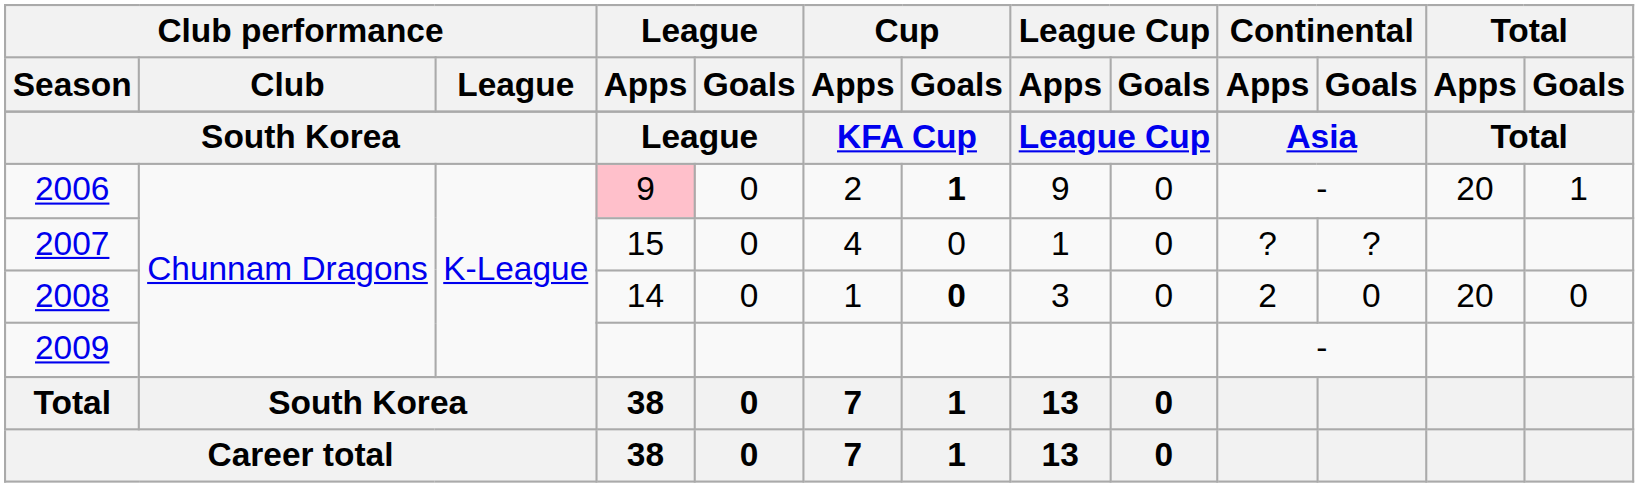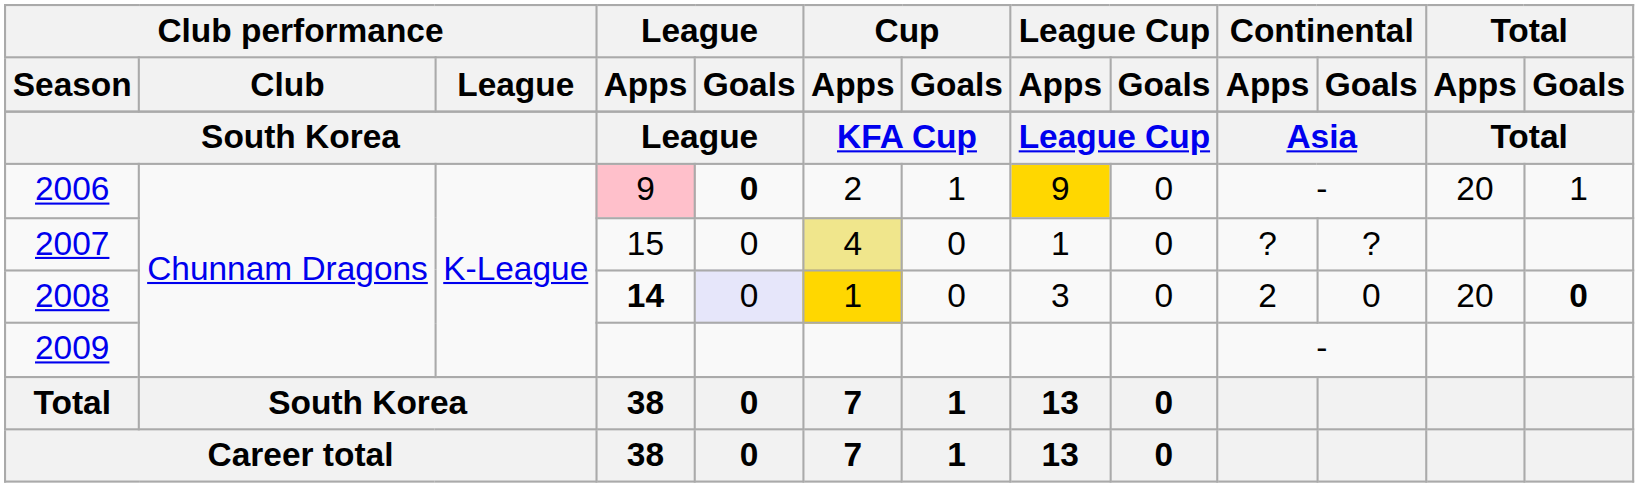 <table class="wikitable" style="text-align:center">
 <tr>
 <th colspan=3>Club performance</th>
 <th colspan=2>League</th>
 <th colspan=2>Cup</th>
 <th colspan=2>League Cup</th>
 <th colspan=2>Continental</th>
 <th colspan=2>Total</th>
 </tr>
 <tr>
 <th>Season</th>
 <th>Club</th>
 <th>League</th>
 <th>Apps</th>
 <th>Goals</th>
 <th>Apps</th>
 <th>Goals</th>
 <th>Apps</th>
 <th>Goals</th>
 <th>Apps</th>
 <th>Goals</th>
 <th>Apps</th>
 <th>Goals</th>
 </tr>
 <tr>
 </tr>
 <tr>
 <th colspan=3>South Korea</th>
 <th colspan=2>League</th>
 <th colspan=2><a href='#'>KFA Cup</a></th>
 <th colspan=2><a href='#'>League Cup</a></th>
 <th colspan=2><a href='#'>Asia</a></th>
 <th colspan=2>Total</th>
 </tr>
 <tr>
 <td><a href='#'>2006</a></td>
 <td rowspan="4"><a href='#'>Chunnam Dragons</a></td>
 <td rowspan="4"><a href='#'>K-League</a></td>
 <td style="background: pink;">9</td>
-<td>0</td>
+<td><strong>0</strong></td>
 <td>2</td>
-<td><strong>1</strong></td>
-<td>9</td>
+<td>1</td>
+<td style="background: gold;">9</td>
 <td>0</td>
 <td colspan="2">-</td>
 <td>20</td>
 <td>1</td>
 </tr>
 <tr>
 <td><a href='#'>2007</a></td>
 <td>15</td>
 <td>0</td>
-<td>4</td>
+<td style="background: khaki;">4</td>
 <td>0</td>
 <td>1</td>
 <td>0</td>
 <td>?</td>
 <td>?</td>
 <td></td>
 <td></td>
 </tr>
 <tr>
 <td><a href='#'>2008</a></td>
-<td>14</td>
+<td><strong>14</strong></td>
+<td style="background: lavender;">0</td>
+<td style="background: gold;">1</td>
 <td>0</td>
-<td>1</td>
-<td><strong>0</strong></td>
 <td>3</td>
 <td>0</td>
 <td>2</td>
 <td>0</td>
 <td>20</td>
-<td>0</td>
+<td><strong>0</strong></td>
 </tr>
 <tr>
 <td><a href='#'>2009</a></td>
 <td></td>
 <td></td>
 <td></td>
 <td></td>
 <td></td>
 <td></td>
 <td colspan="2">-</td>
 <td></td>
 <td></td>
 </tr>
 <tr>
 <th rowspan=1>Total</th>
 <th colspan=2>South Korea</th>
 <th>38</th>
 <th>0</th>
 <th>7</th>
 <th>1</th>
 <th>13</th>
 <th>0</th>
 <th></th>
 <th></th>
 <th></th>
 <th></th>
 </tr>
 <tr>
 <th colspan=3>Career total</th>
 <th>38</th>
 <th>0</th>
 <th>7</th>
 <th>1</th>
 <th>13</th>
 <th>0</th>
 <th></th>
 <th></th>
 <th></th>
 <th></th>
 </tr>
 </table>
